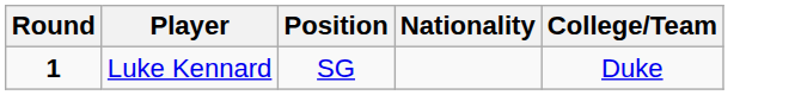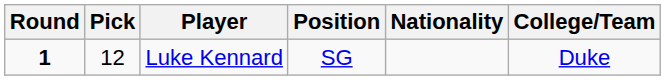 <table class="wikitable sortable sortable">
 <tr>
 <th>Round</th>
+<th>Pick</th>
 <th>Player</th>
 <th>Position</th>
 <th>Nationality</th>
 <th>College/Team</th>
 </tr>
 <tr style="text-align: center">
 <td><strong>1</strong></td>
+<td>12</td>
 <td><a href='#'>Luke Kennard</a></td>
 <td><a href='#'>SG</a></td>
 <td></td>
 <td><a href='#'>Duke</a></td>
 </tr>
 </table>
